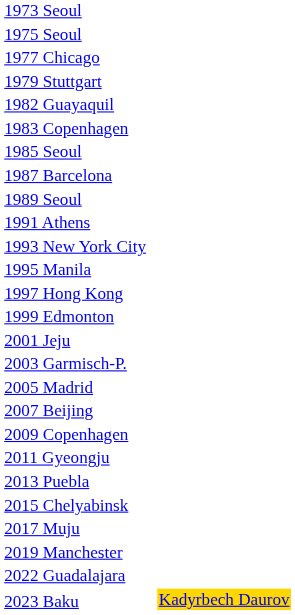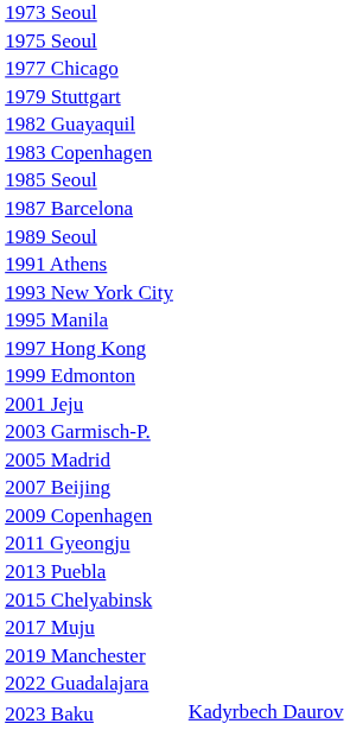 <table>
 <tr>
 <td rowspan=2><a href='#'>1973 Seoul</a></td>
 <td rowspan=2></td>
 <td rowspan=2></td>
 <td></td>
 </tr>
 <tr>
 <td></td>
 </tr>
 <tr>
 <td rowspan=2><a href='#'>1975 Seoul</a></td>
 <td rowspan=2></td>
 <td rowspan=2></td>
 <td></td>
 </tr>
 <tr>
 <td></td>
 </tr>
 <tr>
 <td rowspan=2><a href='#'>1977 Chicago</a></td>
 <td rowspan=2></td>
 <td rowspan=2></td>
 <td></td>
 </tr>
 <tr>
 <td></td>
 </tr>
 <tr>
 <td rowspan=2><a href='#'>1979 Stuttgart</a></td>
 <td rowspan=2></td>
 <td rowspan=2></td>
 <td></td>
 </tr>
 <tr>
 <td></td>
 </tr>
 <tr>
 <td rowspan=2><a href='#'>1982 Guayaquil</a></td>
 <td rowspan=2></td>
 <td rowspan=2></td>
 <td></td>
 </tr>
 <tr>
 <td></td>
 </tr>
 <tr>
 <td rowspan=2><a href='#'>1983 Copenhagen</a></td>
 <td rowspan=2></td>
 <td rowspan=2></td>
 <td></td>
 </tr>
 <tr>
 <td></td>
 </tr>
 <tr>
 <td rowspan=2><a href='#'>1985 Seoul</a></td>
 <td rowspan=2></td>
 <td rowspan=2></td>
 <td></td>
 </tr>
 <tr>
 <td></td>
 </tr>
 <tr>
 <td rowspan=2><a href='#'>1987 Barcelona</a></td>
 <td rowspan=2></td>
 <td rowspan=2></td>
 <td></td>
 </tr>
 <tr>
 <td></td>
 </tr>
 <tr>
 <td rowspan=2><a href='#'>1989 Seoul</a></td>
 <td rowspan=2></td>
 <td rowspan=2></td>
 <td></td>
 </tr>
 <tr>
 <td></td>
 </tr>
 <tr>
 <td rowspan=2><a href='#'>1991 Athens</a></td>
 <td rowspan=2></td>
 <td rowspan=2></td>
 <td></td>
 </tr>
 <tr>
 <td></td>
 </tr>
 <tr>
 <td rowspan=2><a href='#'>1993 New York City</a></td>
 <td rowspan=2></td>
 <td rowspan=2></td>
 <td></td>
 </tr>
 <tr>
 <td></td>
 </tr>
 <tr>
 <td rowspan=2><a href='#'>1995 Manila</a></td>
 <td rowspan=2></td>
 <td rowspan=2></td>
 <td></td>
 </tr>
 <tr>
 <td></td>
 </tr>
 <tr>
 <td rowspan=2><a href='#'>1997 Hong Kong</a></td>
 <td rowspan=2></td>
 <td rowspan=2></td>
 <td></td>
 </tr>
 <tr>
 <td></td>
 </tr>
 <tr>
 <td rowspan=2><a href='#'>1999 Edmonton</a></td>
 <td rowspan=2></td>
 <td rowspan=2></td>
 <td></td>
 </tr>
 <tr>
 <td></td>
 </tr>
 <tr>
 <td rowspan=2><a href='#'>2001 Jeju</a></td>
 <td rowspan=2></td>
 <td rowspan=2></td>
 <td></td>
 </tr>
 <tr>
 <td></td>
 </tr>
 <tr>
 <td rowspan=2><a href='#'>2003 Garmisch-P.</a></td>
 <td rowspan=2></td>
 <td rowspan=2></td>
 <td></td>
 </tr>
 <tr>
 <td></td>
 </tr>
 <tr>
 <td rowspan=2><a href='#'>2005 Madrid</a></td>
 <td rowspan=2></td>
 <td rowspan=2></td>
 <td></td>
 </tr>
 <tr>
 <td></td>
 </tr>
 <tr>
 <td rowspan=2><a href='#'>2007 Beijing</a></td>
 <td rowspan=2></td>
 <td rowspan=2></td>
 <td></td>
 </tr>
 <tr>
 <td></td>
 </tr>
 <tr>
 <td rowspan=2><a href='#'>2009 Copenhagen</a></td>
 <td rowspan=2></td>
 <td rowspan=2></td>
 <td></td>
 </tr>
 <tr>
 <td></td>
 </tr>
 <tr>
 <td rowspan=2><a href='#'>2011 Gyeongju</a></td>
 <td rowspan=2></td>
 <td rowspan=2></td>
 <td></td>
 </tr>
 <tr>
 <td></td>
 </tr>
 <tr>
 <td rowspan=2><a href='#'>2013 Puebla</a></td>
 <td rowspan=2></td>
 <td rowspan=2></td>
 <td></td>
 </tr>
 <tr>
 <td></td>
 </tr>
 <tr>
 <td rowspan=2><a href='#'>2015 Chelyabinsk</a></td>
 <td rowspan=2></td>
 <td rowspan=2></td>
 <td></td>
 </tr>
 <tr>
 <td></td>
 </tr>
 <tr>
 <td rowspan=2><a href='#'>2017 Muju</a></td>
 <td rowspan=2></td>
 <td rowspan=2></td>
 <td></td>
 </tr>
 <tr>
 <td></td>
 </tr>
 <tr>
 <td rowspan=2><a href='#'>2019 Manchester</a></td>
 <td rowspan=2></td>
 <td rowspan=2></td>
 <td></td>
 </tr>
 <tr>
 <td></td>
 </tr>
 <tr>
 <td rowspan=2><a href='#'>2022 Guadalajara</a></td>
 <td rowspan=2></td>
 <td rowspan=2></td>
 <td></td>
 </tr>
 <tr>
 <td></td>
 </tr>
 <tr>
 <td rowspan=2><a href='#'>2023 Baku</a></td>
 <td rowspan=2></td>
 <td rowspan=2></td>
-<td style="background: gold;"> <a href='#'>Kadyrbech Daurov</a> </td>
+<td> <a href='#'>Kadyrbech Daurov</a> </td>
 </tr>
 <tr>
 <td></td>
 </tr>
 </table>
